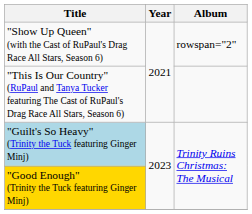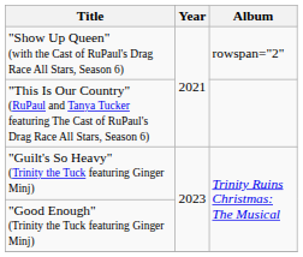 <table class="wikitable plainrowheaders sortable" style="text-align:left;">
 <tr>
 <th scope="col"  style="width:12em;">Title</th>
 <th scope="col"  style="width:2em;">Year</th>
 <th scope="col"  style="width:6em;">Album</th>
 </tr>
 <tr>
 <td>"Show Up Queen"<br><small>(with the Cast of RuPaul's Drag Race All Stars, Season 6)</small></td>
 <td rowspan="2">2021</td>
 <td>rowspan="2" </td>
 </tr>
 <tr>
 <td>"This Is Our Country"<br><small>(<a href='#'>RuPaul</a> and <a href='#'>Tanya Tucker</a> featuring The Cast of RuPaul's Drag Race All Stars, Season 6)</small></td>
 </tr>
 <tr>
-<td scope="row" style="background: lightblue;">"Guilt's So Heavy" <br><small>(<a href='#'>Trinity the Tuck</a> featuring Ginger Minj)</small></td>
+<td scope="row">"Guilt's So Heavy" <br><small>(<a href='#'>Trinity the Tuck</a> featuring Ginger Minj)</small></td>
 <td rowspan="2">2023</td>
 <td rowspan="2"><em><a href='#'>Trinity Ruins Christmas: The Musical</a></em></td>
 </tr>
 <tr>
-<td scope="row" style="background: gold;">"Good Enough" <br><small>(Trinity the Tuck featuring Ginger Minj)</small></td>
+<td scope="row">"Good Enough" <br><small>(Trinity the Tuck featuring Ginger Minj)</small></td>
 </tr>
 <tr>
 </tr>
 </table>
